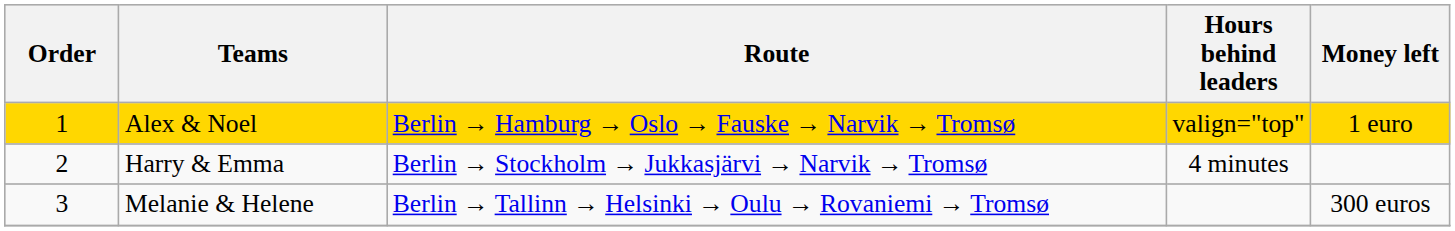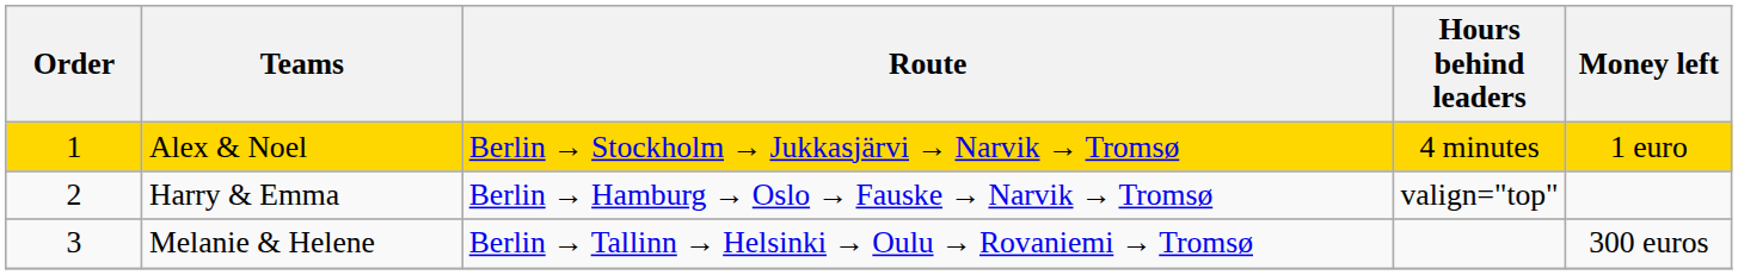 <table class="wikitable sortable" style="text-align:center">
 <tr>
 <th style="width:4em">Order</th>
 <th style="width:10em">Teams</th>
 <th style="width:30em">Route</th>
 <th style="width:5em">Hours behind leaders</th>
 <th style="width:5em">Money left</th>
 </tr>
 <tr style=background:gold>
 <td>1</td>
 <td style="text-align:left">Alex & Noel</td>
-<td style="text-align:left"><a href='#'>Berlin</a>  → <a href='#'>Hamburg</a>  → <a href='#'>Oslo</a>   → <a href='#'>Fauske</a>   → <a href='#'>Narvik</a>  → <a href='#'>Tromsø</a></td>
-<td>valign="top" </td>
+<td style="text-align:left"><a href='#'>Berlin</a>  → <a href='#'>Stockholm</a>   → <a href='#'>Jukkasjärvi</a>   → <a href='#'>Narvik</a>  → <a href='#'>Tromsø</a></td>
+<td>4 minutes</td>
 <td>1 euro</td>
 </tr>
 <tr>
 <td>2</td>
 <td style="text-align:left">Harry & Emma</td>
-<td style="text-align:left"><a href='#'>Berlin</a>  → <a href='#'>Stockholm</a>   → <a href='#'>Jukkasjärvi</a>   → <a href='#'>Narvik</a>  → <a href='#'>Tromsø</a></td>
-<td>4 minutes</td>
+<td style="text-align:left"><a href='#'>Berlin</a>  → <a href='#'>Hamburg</a>  → <a href='#'>Oslo</a>   → <a href='#'>Fauske</a>   → <a href='#'>Narvik</a>  → <a href='#'>Tromsø</a></td>
+<td>valign="top" </td>
 <td></td>
 </tr>
 <tr>
 <td>3</td>
 <td style="text-align:left">Melanie & Helene</td>
 <td style="text-align:left"><a href='#'>Berlin</a>  → <a href='#'>Tallinn</a>   → <a href='#'>Helsinki</a>  → <a href='#'>Oulu</a>  → <a href='#'>Rovaniemi</a>  → <a href='#'>Tromsø</a></td>
 <td></td>
 <td>300 euros</td>
 </tr>
 <tr>
 </tr>
 </table>
